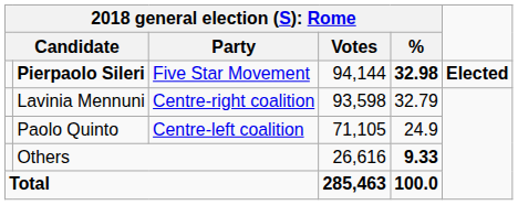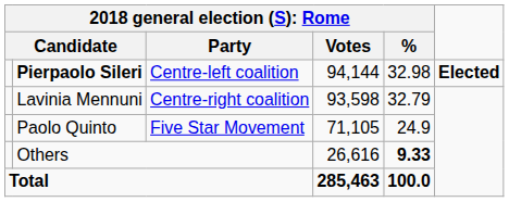 <table class=wikitable style=text-align:right>
 <tr>
 <th colspan=5>2018 general election (<a href='#'>S</a>): <a href='#'>Rome</a></th>
 </tr>
 <tr>
 <th colspan=2>Candidate</th>
 <th>Party</th>
 <th>Votes</th>
 <th>%</th>
 </tr>
 <tr>
 <td></td>
 <td align=left><strong>Pierpaolo Sileri</strong></td>
-<td align=left><a href='#'>Five Star Movement</a></td>
+<td align=left><a href='#'>Centre-left coalition</a></td>
 <td>94,144</td>
-<td><strong>32.98</strong></td>
+<td>32.98</td>
 <td> <strong>Elected</strong></td>
 </tr>
 <tr>
 <td></td>
 <td align=left>Lavinia Mennuni</td>
 <td align=left><a href='#'>Centre-right coalition</a></td>
 <td>93,598</td>
 <td>32.79</td>
 </tr>
 <tr>
 <td></td>
 <td align=left>Paolo Quinto</td>
-<td align=left><a href='#'>Centre-left coalition</a></td>
+<td align=left><a href='#'>Five Star Movement</a></td>
 <td>71,105</td>
 <td>24.9</td>
 </tr>
 <tr>
 <td></td>
 <td align=left colspan=2>Others</td>
 <td>26,616</td>
 <td><strong>9.33</strong></td>
 </tr>
 <tr>
 <td align=left colspan=3><strong>Total</strong></td>
 <td><strong>285,463</strong></td>
 <td><strong>100.0</strong></td>
 </tr>
 </table>
